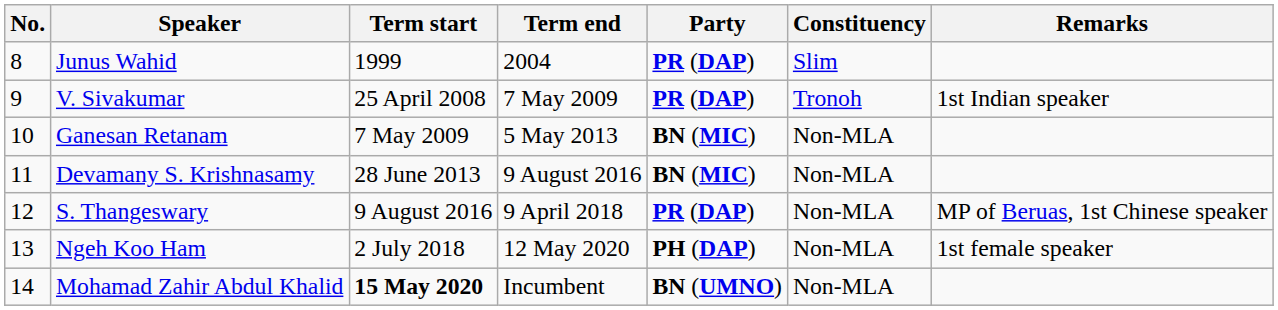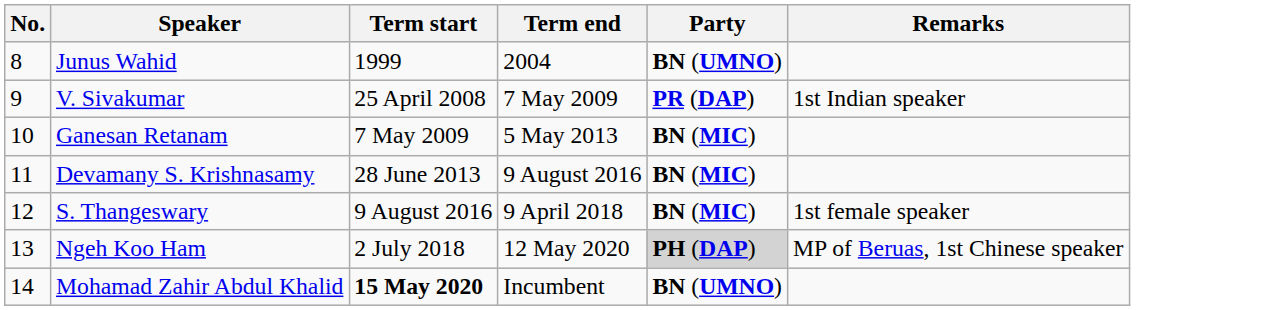 <table class=wikitable>
 <tr>
 <th>No.</th>
 <th>Speaker</th>
 <th>Term start</th>
 <th>Term end</th>
 <th>Party</th>
-<th>Constituency</th>
 <th>Remarks</th>
 </tr>
 <tr>
 <td>8</td>
 <td><a href='#'>Junus Wahid</a></td>
 <td>1999</td>
 <td>2004</td>
-<td><strong><a href='#'>PR</a></strong> (<strong><a href='#'>DAP</a></strong>)</td>
-<td><a href='#'>Slim</a></td>
+<td><strong>BN</strong> (<strong><a href='#'>UMNO</a></strong>)</td>
 <td></td>
 </tr>
 <tr>
 <td>9</td>
 <td><a href='#'>V. Sivakumar</a></td>
 <td>25 April 2008</td>
 <td>7 May 2009</td>
 <td><strong><a href='#'>PR</a></strong> (<strong><a href='#'>DAP</a></strong>)</td>
-<td><a href='#'>Tronoh</a></td>
 <td>1st Indian speaker</td>
 </tr>
 <tr>
 <td>10</td>
 <td><a href='#'>Ganesan Retanam</a></td>
 <td>7 May 2009</td>
 <td>5 May 2013</td>
 <td><strong>BN</strong> (<strong><a href='#'>MIC</a></strong>)</td>
-<td>Non-MLA</td>
 <td></td>
 </tr>
 <tr>
 <td>11</td>
 <td><a href='#'>Devamany S. Krishnasamy</a></td>
 <td>28 June 2013</td>
 <td>9 August 2016</td>
 <td><strong>BN</strong> (<strong><a href='#'>MIC</a></strong>)</td>
-<td>Non-MLA</td>
 <td></td>
 </tr>
 <tr>
 <td>12</td>
 <td><a href='#'>S. Thangeswary</a></td>
 <td>9 August 2016</td>
 <td>9 April 2018</td>
-<td><strong><a href='#'>PR</a></strong> (<strong><a href='#'>DAP</a></strong>)</td>
-<td>Non-MLA</td>
-<td>MP of <a href='#'>Beruas</a>, 1st Chinese speaker</td>
+<td><strong>BN</strong> (<strong><a href='#'>MIC</a></strong>)</td>
+<td>1st female speaker</td>
 </tr>
 <tr>
 <td>13</td>
 <td><a href='#'>Ngeh Koo Ham</a></td>
 <td>2 July 2018</td>
 <td>12 May 2020</td>
-<td><strong>PH</strong> (<strong><a href='#'>DAP</a></strong>)</td>
-<td>Non-MLA</td>
-<td>1st female speaker</td>
+<td style="background: lightgrey;"><strong>PH</strong> (<strong><a href='#'>DAP</a></strong>)</td>
+<td>MP of <a href='#'>Beruas</a>, 1st Chinese speaker</td>
 </tr>
 <tr>
 <td>14</td>
 <td><a href='#'>Mohamad Zahir Abdul Khalid</a></td>
 <td><strong>15 May 2020</strong></td>
 <td>Incumbent</td>
 <td><strong>BN</strong> (<strong><a href='#'>UMNO</a></strong>)</td>
-<td>Non-MLA</td>
 <td></td>
 </tr>
 </table>
